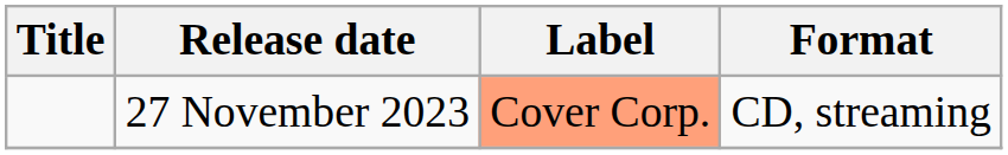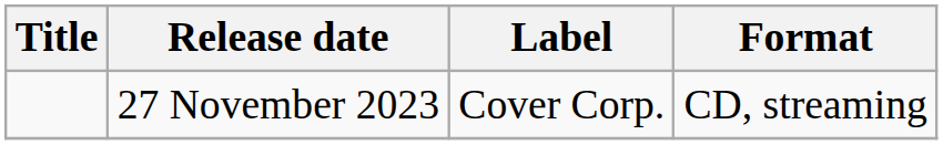 <table class="wikitable">
 <tr>
 <th>Title</th>
 <th>Release date</th>
 <th>Label</th>
 <th>Format</th>
 </tr>
 <tr>
 <td></td>
 <td>27 November 2023</td>
-<td style="background: lightsalmon;">Cover Corp.</td>
+<td>Cover Corp.</td>
 <td>CD, streaming</td>
 </tr>
 <tr>
 </tr>
 </table>
